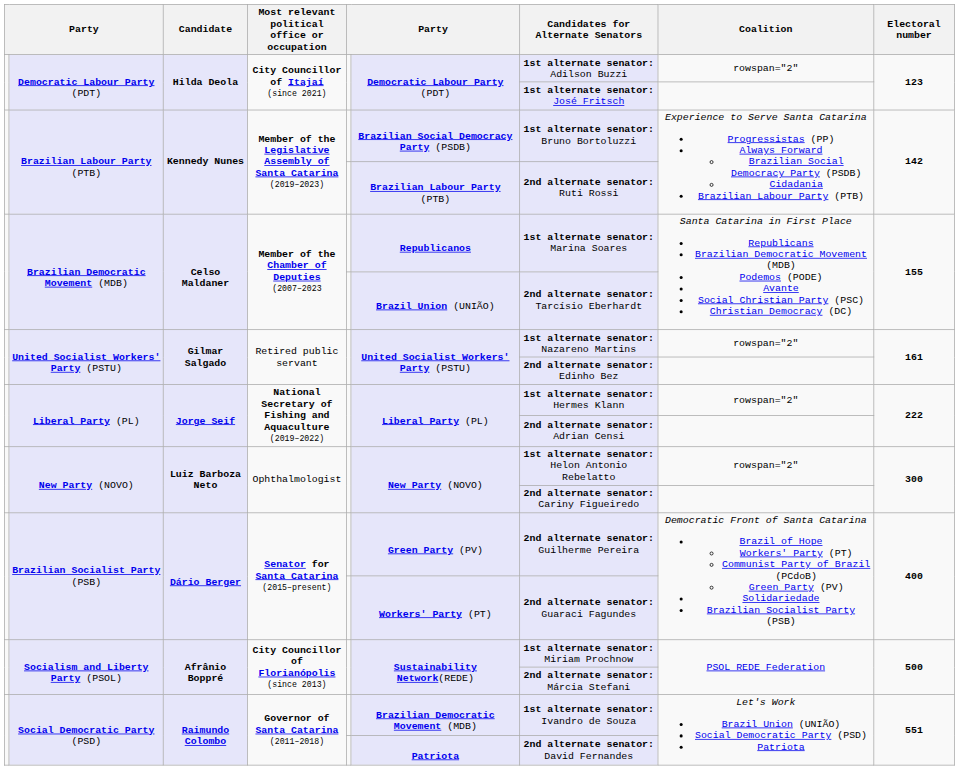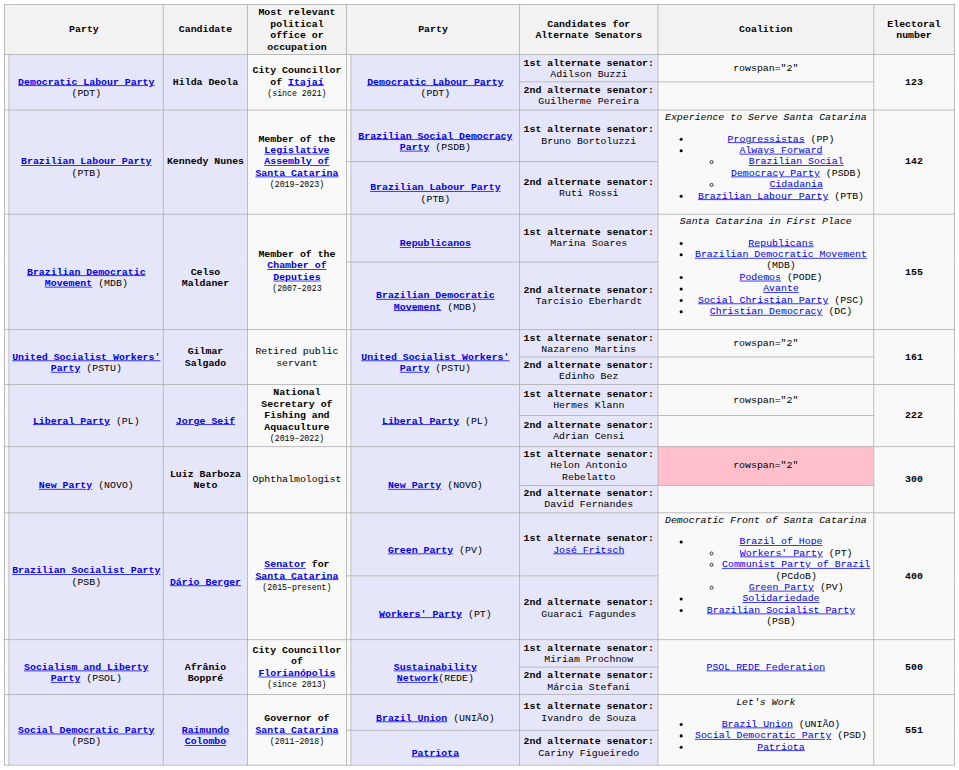 <table class="wikitable" style="text-align:center">
 <tr>
 <th colspan="2">Party</th>
 <th>Candidate</th>
 <th style="max-width:10em">Most relevant political office or occupation</th>
 <th colspan="2">Party</th>
 <th>Candidates for Alternate Senators</th>
 <th>Coalition</th>
 <th>Electoral number</th>
 </tr>
 <tr>
 <td rowspan="2" style="background:"></td>
 <td rowspan="2" style="background:lavender;"><br><strong><a href='#'>Democratic Labour Party</a></strong> (PDT)</td>
 <td rowspan="2" style="background:lavender;"><strong>Hilda Deola</strong></td>
 <td rowspan="2" style="max-width:10em"><strong>City Councillor of <a href='#'>Itajaí</a></strong><br><small>(since 2021)</small></td>
 <td rowspan="2" style="background:"></td>
 <td rowspan="2" style="background:lavender;"><br><strong><a href='#'>Democratic Labour Party</a></strong> (PDT)</td>
 <td style="background:lavender;"><strong>1st alternate senator:</strong><br>Adilson Buzzi</td>
 <td>rowspan="2" </td>
 <td rowspan="2"><strong>123</strong></td>
 </tr>
 <tr>
-<td style="background:lavender;"><strong>1st alternate senator:</strong><br><a href='#'>José Fritsch</a></td>
+<td style="background:lavender;"><strong>2nd alternate senator:</strong><br>Guilherme Pereira</td>
 </tr>
 <tr>
 <td rowspan="2" style="background:"></td>
 <td rowspan="2" style="background:lavender;"><br><strong><a href='#'>Brazilian Labour Party</a></strong> (PTB)</td>
 <td rowspan="2" style="background:lavender;"><strong>Kennedy Nunes</strong></td>
 <td rowspan="2" style="max-width:10em"><strong>Member of the <a href='#'>Legislative Assembly of Santa Catarina</a></strong><br><small>(2019–2023)</small></td>
 <td style="background:"></td>
 <td style="background:lavender;"><br><strong><a href='#'>Brazilian Social Democracy Party</a></strong> (PSDB)</td>
 <td style="background:lavender;"><strong>1st alternate senator:</strong><br>Bruno Bortoluzzi</td>
 <td rowspan="2"><em>Experience to Serve Santa Catarina</em><br><ul><li><a href='#'>Progressistas</a> (PP)</li><li><a href='#'>Always Forward</a><ul><li><a href='#'>Brazilian Social Democracy Party</a> (PSDB)</li><li><a href='#'>Cidadania</a></li></ul></li><li><a href='#'>Brazilian Labour Party</a> (PTB)</li></ul></td>
 <td rowspan="2"><strong>142</strong></td>
 </tr>
 <tr>
 <td style="background:"></td>
 <td style="background:lavender;"><br><strong><a href='#'>Brazilian Labour Party</a></strong> (PTB)</td>
 <td style="background:lavender;"><strong>2nd alternate senator:</strong><br>Ruti Rossi</td>
 </tr>
 <tr>
 <td rowspan="2" style="background:"></td>
 <td rowspan="2" style="background:lavender;"><br><strong><a href='#'>Brazilian Democratic Movement</a></strong> (MDB)</td>
 <td rowspan="2" style="background:lavender;"><br><strong>Celso Maldaner</strong></td>
 <td rowspan="2" style="max-width:10em"><strong>Member of the <a href='#'>Chamber of Deputies</a></strong><br><small>(2007–2023</small></td>
 <td style="background:"></td>
 <td style="background:lavender;"><br><strong><a href='#'>Republicanos</a></strong></td>
 <td style="background:lavender;"><strong>1st alternate senator:</strong><br>Marina Soares</td>
 <td rowspan="2"><em>Santa Catarina in First Place</em><br><ul><li><a href='#'>Republicans</a></li><li><a href='#'>Brazilian Democratic Movement</a> (MDB)</li><li><a href='#'>Podemos</a> (PODE)</li><li><a href='#'>Avante</a></li><li><a href='#'>Social Christian Party</a> (PSC)</li><li><a href='#'>Christian Democracy</a> (DC)</li></ul></td>
 <td rowspan="2"><strong>155</strong></td>
 </tr>
 <tr>
 <td style="background:"></td>
-<td style="background:lavender;"><br><strong><a href='#'>Brazil Union</a></strong> (UNIÃO)</td>
+<td style="background:lavender;"><br><strong><a href='#'>Brazilian Democratic Movement</a></strong> (MDB)</td>
 <td style="background:lavender;"><strong>2nd alternate senator:</strong><br>Tarcísio Eberhardt</td>
 </tr>
 <tr>
 <td rowspan="2" style="background:"></td>
 <td rowspan="2" style="background:lavender;"><br><strong><a href='#'>United Socialist Workers' Party</a></strong> (PSTU)</td>
 <td rowspan="2" style="background:lavender;"><strong>Gilmar Salgado</strong></td>
 <td rowspan="2" style="max-width:10em">Retired public servant</td>
 <td rowspan="2" style="background:"></td>
 <td rowspan="2" style="background:lavender;"><br><strong><a href='#'>United Socialist Workers' Party</a></strong> (PSTU)</td>
 <td style="background:lavender;"><strong>1st alternate senator:</strong><br>Nazareno Martins</td>
 <td>rowspan="2" </td>
 <td rowspan="2"><strong>161</strong></td>
 </tr>
 <tr>
 <td style="background:lavender;"><strong>2nd alternate senator:</strong><br>Edinho Bez</td>
 </tr>
 <tr>
 <td rowspan="2" style="background:"></td>
 <td rowspan="2" style="background:lavender;"><br><strong><a href='#'>Liberal Party</a></strong> (PL)</td>
 <td rowspan="2" style="background:lavender;"><br><strong><a href='#'>Jorge Seif</a></strong></td>
 <td rowspan="2" style="max-width:10em"><strong>National Secretary of Fishing and Aquaculture</strong><br><small>(2019–2022)</small></td>
 <td rowspan="2" style="background:"></td>
 <td rowspan="2" style="background:lavender;"><br><strong><a href='#'>Liberal Party</a></strong> (PL)</td>
 <td style="background:lavender;"><strong>1st alternate senator:</strong><br>Hermes Klann</td>
 <td>rowspan="2" </td>
 <td rowspan="2"><strong>222</strong></td>
 </tr>
 <tr>
 <td style="background:lavender;"><strong>2nd alternate senator:</strong><br>Adrian Censi</td>
 </tr>
 <tr>
 <td rowspan="2" style="background:"></td>
 <td rowspan="2" style="background:lavender;"><br><strong><a href='#'>New Party</a></strong> (NOVO)</td>
 <td rowspan="2" style="background:lavender;"><strong>Luiz Barboza Neto</strong></td>
 <td rowspan="2" style="max-width:10em">Ophthalmologist</td>
 <td rowspan="2" style="background:"></td>
 <td rowspan="2" style="background:lavender;"><br><strong><a href='#'>New Party</a></strong> (NOVO)</td>
 <td style="background:lavender;"><strong>1st alternate senator:</strong><br>Helon Antonio Rebelatto</td>
-<td>rowspan="2" </td>
+<td style="background: pink;">rowspan="2" </td>
 <td rowspan="2"><strong>300</strong></td>
 </tr>
 <tr>
-<td style="background:lavender;"><strong>2nd alternate senator:</strong><br>Cariny Figueiredo</td>
+<td style="background:lavender;"><strong>2nd alternate senator:</strong><br>David Fernandes</td>
 </tr>
 <tr>
 <td rowspan="2" style="background:"></td>
 <td rowspan="2" style="background:lavender;"><strong><a href='#'>Brazilian Socialist Party</a></strong> (PSB)</td>
 <td rowspan="2" style="background:lavender;"><br><strong><a href='#'>Dário Berger</a></strong></td>
 <td rowspan="2" style="max-width:10em"><strong><a href='#'>Senator</a> for <a href='#'>Santa Catarina</a></strong><br><small>(2015–present)</small></td>
 <td style="background:"></td>
 <td style="background:lavender;"><br><strong><a href='#'>Green Party</a></strong> (PV)</td>
-<td style="background:lavender;"><strong>2nd alternate senator:</strong><br>Guilherme Pereira</td>
+<td style="background:lavender;"><strong>1st alternate senator:</strong><br><a href='#'>José Fritsch</a></td>
 <td rowspan="2"><em>Democratic Front of Santa Catarina</em><br><ul><li><a href='#'>Brazil of Hope</a><ul><li><a href='#'>Workers' Party</a> (PT)</li><li><a href='#'>Communist Party of Brazil</a> (PCdoB)</li><li><a href='#'>Green Party</a> (PV)</li></ul></li><li><a href='#'>Solidariedade</a></li><li><a href='#'>Brazilian Socialist Party</a> (PSB)</li></ul></td>
 <td rowspan="2"><strong>400</strong></td>
 </tr>
 <tr>
 <td style="background:"></td>
 <td style="background:lavender;"><br><strong><a href='#'>Workers' Party</a></strong> (PT)</td>
 <td style="background:lavender;"><strong>2nd alternate senator:</strong><br>Guaraci Fagundes</td>
 </tr>
 <tr>
 <td rowspan="2" style="background:"></td>
 <td rowspan="2" style="background:lavender;"><br><strong><a href='#'>Socialism and Liberty Party</a></strong> (PSOL)</td>
 <td rowspan="2" style="background:lavender;"><br><strong>Afrânio Boppré</strong></td>
 <td rowspan="2" style="max-width:10em"><strong>City Councillor of <a href='#'>Florianópolis</a></strong><br><small>(since 2013)</small></td>
 <td rowspan="2" style="background:"></td>
 <td rowspan="2" style="background:lavender;"><br><strong><a href='#'>Sustainability Network</a></strong>(REDE)</td>
 <td style="background:lavender;"><strong>1st alternate senator:</strong><br>Miriam Prochnow</td>
 <td rowspan="2"><a href='#'>PSOL REDE Federation</a></td>
 <td rowspan="2"><strong>500</strong></td>
 </tr>
 <tr>
 <td style="background:lavender;"><strong>2nd alternate senator:</strong><br>Márcia Stefani</td>
 </tr>
 <tr>
 <td rowspan="2" style="background:"></td>
 <td rowspan="2" style="background:lavender;"><br><strong><a href='#'>Social Democratic Party</a></strong> (PSD)</td>
 <td rowspan="2" style="background:lavender;"><br><strong><a href='#'>Raimundo Colombo</a></strong></td>
 <td rowspan="2" style="max-width:10em"><strong>Governor of <a href='#'>Santa Catarina</a></strong><br><small>(2011–2018)</small></td>
 <td style="background:"></td>
-<td style="background:lavender;"><br><strong><a href='#'>Brazilian Democratic Movement</a></strong> (MDB)</td>
+<td style="background:lavender;"><br><strong><a href='#'>Brazil Union</a></strong> (UNIÃO)</td>
 <td style="background:lavender;"><strong>1st alternate senator:</strong><br>Ivandro de Souza</td>
 <td rowspan="2"><em>Let's Work</em><br><ul><li><a href='#'>Brazil Union</a> (UNIÃO)</li><li><a href='#'>Social Democratic Party</a> (PSD)</li><li><a href='#'>Patriota</a></li></ul></td>
 <td rowspan="2"><strong>551</strong></td>
 </tr>
 <tr>
 <td style="background:"></td>
 <td style="background:lavender;"><br><strong><a href='#'>Patriota</a></strong></td>
-<td style="background:lavender;"><strong>2nd alternate senator:</strong><br>David Fernandes</td>
+<td style="background:lavender;"><strong>2nd alternate senator:</strong><br>Cariny Figueiredo</td>
 </tr>
 </table>
